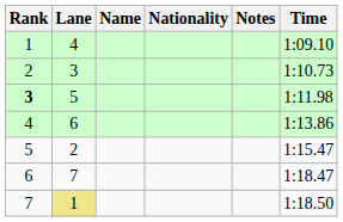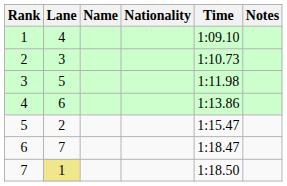 <table class="wikitable sortable" style="text-align:center">
 <tr>
 <th>Rank</th>
 <th>Lane</th>
 <th>Name</th>
 <th>Nationality</th>
+<th>Time</th>
 <th>Notes</th>
-<th>Time</th>
 </tr>
 <tr bgcolor=ccffcc>
 <td>1</td>
 <td>4</td>
 <td align=left></td>
 <td align=left></td>
+<td>1:09.10</td>
 <td><strong></strong></td>
-<td>1:09.10</td>
 </tr>
 <tr bgcolor=ccffcc>
 <td>2</td>
 <td>3</td>
 <td align=left></td>
 <td align=left></td>
+<td>1:10.73</td>
 <td><strong></strong></td>
-<td>1:10.73</td>
 </tr>
 <tr bgcolor=ccffcc>
-<td><strong>3</strong></td>
+<td>3</td>
 <td>5</td>
 <td align=left></td>
 <td align=left></td>
+<td>1:11.98</td>
 <td><strong></strong></td>
-<td>1:11.98</td>
 </tr>
 <tr bgcolor=ccffcc>
 <td>4</td>
 <td>6</td>
 <td align=left></td>
 <td align=left></td>
+<td>1:13.86</td>
 <td><strong></strong></td>
-<td>1:13.86</td>
 </tr>
 <tr>
 <td>5</td>
 <td>2</td>
 <td align=left></td>
 <td align=left></td>
+<td>1:15.47</td>
 <td></td>
-<td>1:15.47</td>
 </tr>
 <tr>
 <td>6</td>
 <td>7</td>
 <td align=left></td>
 <td align=left></td>
+<td>1:18.47</td>
 <td></td>
-<td>1:18.47</td>
 </tr>
 <tr>
 <td>7</td>
 <td style="background: khaki;">1</td>
 <td align=left></td>
 <td align=left></td>
+<td>1:18.50</td>
 <td></td>
-<td>1:18.50</td>
 </tr>
 </table>
